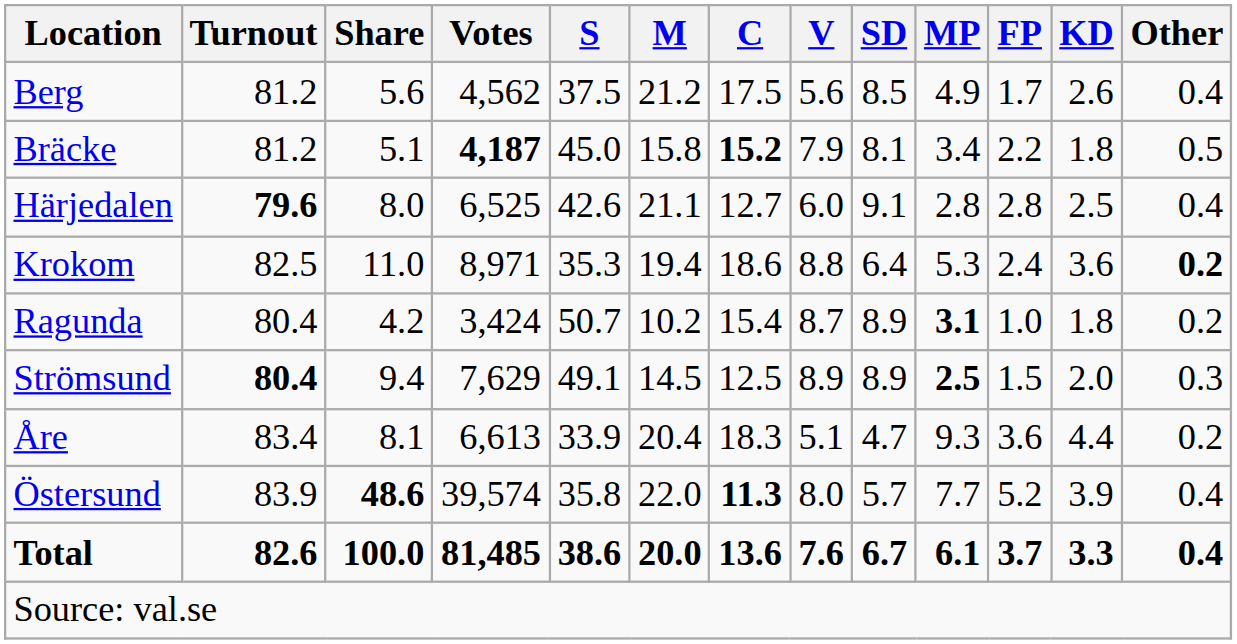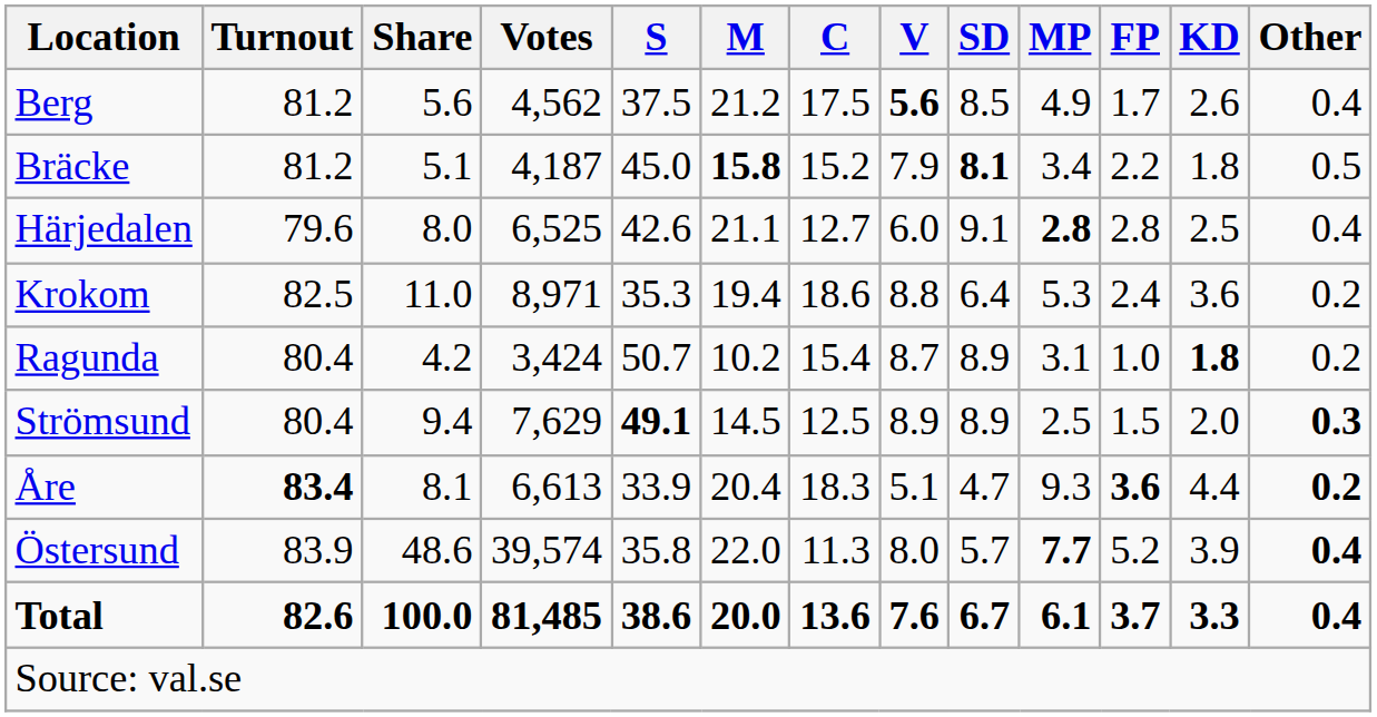 <table class="wikitable sortable" style=text-align:right>
 <tr>
 <th>Location</th>
 <th>Turnout</th>
 <th>Share</th>
 <th>Votes</th>
 <th><a href='#'>S</a></th>
 <th><a href='#'>M</a></th>
 <th><a href='#'>C</a></th>
 <th><a href='#'>V</a></th>
 <th><a href='#'>SD</a></th>
 <th><a href='#'>MP</a></th>
 <th><a href='#'>FP</a></th>
 <th><a href='#'>KD</a></th>
 <th>Other</th>
 </tr>
 <tr>
 <td align=left><a href='#'>Berg</a></td>
 <td>81.2</td>
 <td>5.6</td>
 <td>4,562</td>
 <td>37.5</td>
 <td>21.2</td>
 <td>17.5</td>
-<td>5.6</td>
+<td><strong>5.6</strong></td>
 <td>8.5</td>
 <td>4.9</td>
 <td>1.7</td>
 <td>2.6</td>
 <td>0.4</td>
 </tr>
 <tr>
 <td align=left><a href='#'>Bräcke</a></td>
 <td>81.2</td>
 <td>5.1</td>
-<td><strong>4,187</strong></td>
+<td>4,187</td>
 <td>45.0</td>
-<td>15.8</td>
-<td><strong>15.2</strong></td>
+<td><strong>15.8</strong></td>
+<td>15.2</td>
 <td>7.9</td>
-<td>8.1</td>
+<td><strong>8.1</strong></td>
 <td>3.4</td>
 <td>2.2</td>
 <td>1.8</td>
 <td>0.5</td>
 </tr>
 <tr>
 <td align=left><a href='#'>Härjedalen</a></td>
-<td><strong>79.6</strong></td>
+<td>79.6</td>
 <td>8.0</td>
 <td>6,525</td>
 <td>42.6</td>
 <td>21.1</td>
 <td>12.7</td>
 <td>6.0</td>
 <td>9.1</td>
-<td>2.8</td>
+<td><strong>2.8</strong></td>
 <td>2.8</td>
 <td>2.5</td>
 <td>0.4</td>
 </tr>
 <tr>
 <td align=left><a href='#'>Krokom</a></td>
 <td>82.5</td>
 <td>11.0</td>
 <td>8,971</td>
 <td>35.3</td>
 <td>19.4</td>
 <td>18.6</td>
 <td>8.8</td>
 <td>6.4</td>
 <td>5.3</td>
 <td>2.4</td>
 <td>3.6</td>
-<td><strong>0.2</strong></td>
+<td>0.2</td>
 </tr>
 <tr>
 <td align=left><a href='#'>Ragunda</a></td>
 <td>80.4</td>
 <td>4.2</td>
 <td>3,424</td>
 <td>50.7</td>
 <td>10.2</td>
 <td>15.4</td>
 <td>8.7</td>
 <td>8.9</td>
-<td><strong>3.1</strong></td>
+<td>3.1</td>
 <td>1.0</td>
-<td>1.8</td>
+<td><strong>1.8</strong></td>
 <td>0.2</td>
 </tr>
 <tr>
 <td align=left><a href='#'>Strömsund</a></td>
-<td><strong>80.4</strong></td>
+<td>80.4</td>
 <td>9.4</td>
 <td>7,629</td>
-<td>49.1</td>
+<td><strong>49.1</strong></td>
 <td>14.5</td>
 <td>12.5</td>
 <td>8.9</td>
 <td>8.9</td>
-<td><strong>2.5</strong></td>
+<td>2.5</td>
 <td>1.5</td>
 <td>2.0</td>
-<td>0.3</td>
+<td><strong>0.3</strong></td>
 </tr>
 <tr>
 <td align=left><a href='#'>Åre</a></td>
-<td>83.4</td>
+<td><strong>83.4</strong></td>
 <td>8.1</td>
 <td>6,613</td>
 <td>33.9</td>
 <td>20.4</td>
 <td>18.3</td>
 <td>5.1</td>
 <td>4.7</td>
 <td>9.3</td>
-<td>3.6</td>
+<td><strong>3.6</strong></td>
 <td>4.4</td>
-<td>0.2</td>
+<td><strong>0.2</strong></td>
 </tr>
 <tr>
 <td align=left><a href='#'>Östersund</a></td>
 <td>83.9</td>
-<td><strong>48.6</strong></td>
+<td>48.6</td>
 <td>39,574</td>
 <td>35.8</td>
 <td>22.0</td>
-<td><strong>11.3</strong></td>
+<td>11.3</td>
 <td>8.0</td>
 <td>5.7</td>
-<td>7.7</td>
+<td><strong>7.7</strong></td>
 <td>5.2</td>
 <td>3.9</td>
-<td>0.4</td>
+<td><strong>0.4</strong></td>
 </tr>
 <tr>
 <td align=left><strong>Total</strong></td>
 <td><strong>82.6</strong></td>
 <td><strong>100.0</strong></td>
 <td><strong>81,485</strong></td>
 <td><strong>38.6</strong></td>
 <td><strong>20.0</strong></td>
 <td><strong>13.6</strong></td>
 <td><strong>7.6</strong></td>
 <td><strong>6.7</strong></td>
 <td><strong>6.1</strong></td>
 <td><strong>3.7</strong></td>
 <td><strong>3.3</strong></td>
 <td><strong>0.4</strong></td>
 </tr>
 <tr>
 <td align=left colspan=13>Source: val.se</td>
 </tr>
 </table>
